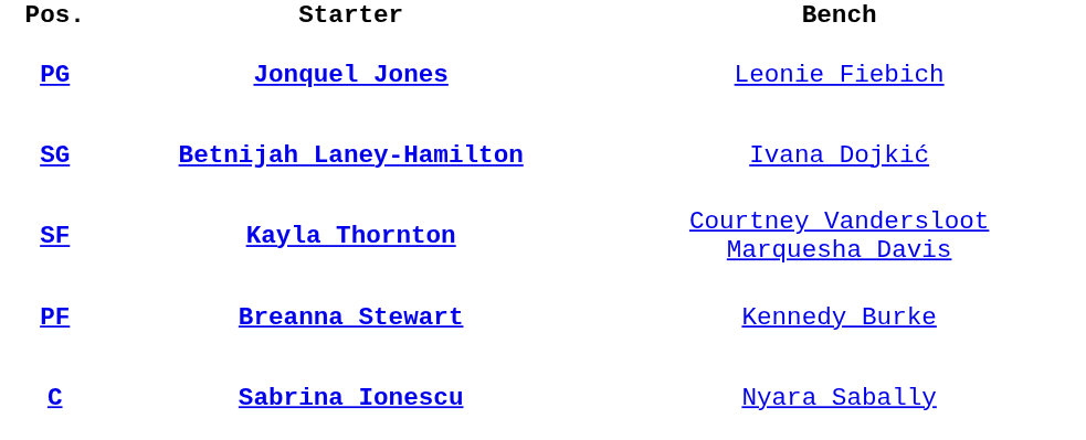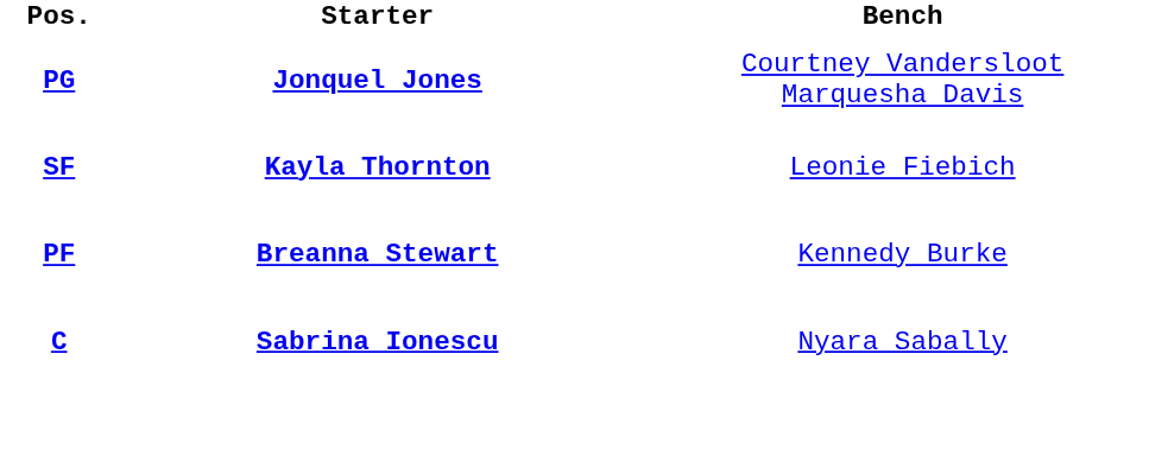 <table style="text-align:center; ">
 <tr>
 <th width="50">Pos.</th>
 <th width="250">Starter</th>
 <th width="250">Bench</th>
 </tr>
 <tr style="height:40px; background:white; color:#092C57">
 <th><a href='#'><span>PG</span></a></th>
 <td><strong><a href='#'>Jonquel Jones</a></strong></td>
-<td><a href='#'>Leonie Fiebich</a></td>
-</tr>
-<tr style="height:40px; background:white; color:#092C57">
-<th><a href='#'><span>SG</span></a></th>
-<td><strong><a href='#'>Betnijah Laney-Hamilton</a></strong></td>
-<td><a href='#'>Ivana Dojkić</a></td>
+<td><a href='#'>Courtney Vandersloot</a><br><a href='#'>Marquesha Davis</a></td>
 </tr>
 <tr style="height:40px; background:white; color:#092C57">
 <th><a href='#'><span>SF</span></a></th>
 <td><strong><a href='#'>Kayla Thornton</a></strong></td>
-<td><a href='#'>Courtney Vandersloot</a><br><a href='#'>Marquesha Davis</a></td>
+<td><a href='#'>Leonie Fiebich</a></td>
 </tr>
 <tr style="height:40px; background:white; color:#092C57">
 <th><a href='#'><span>PF</span></a></th>
 <td><strong><a href='#'>Breanna Stewart</a></strong></td>
 <td><a href='#'>Kennedy Burke</a></td>
 </tr>
 <tr style="height:40px; background:white; color:#092C57">
 <th><a href='#'><span>C</span></a></th>
 <td><strong><a href='#'>Sabrina Ionescu</a></strong></td>
 <td><a href='#'>Nyara Sabally</a> </td>
 </tr>
 </table>
